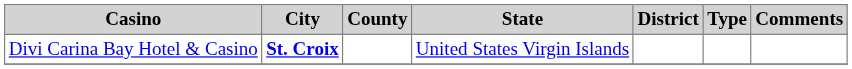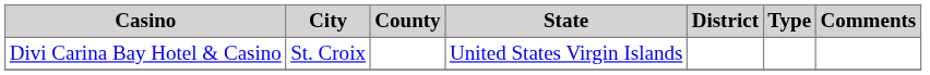 <table class="toccolours sortable" border="1" cellpadding="3" style="border-collapse:collapse">
 <tr bgcolor=lightgrey>
 <th>Casino</th>
 <th>City</th>
 <th>County</th>
 <th>State</th>
 <th>District</th>
 <th>Type</th>
 <th>Comments</th>
 </tr>
 <tr>
 <td><a href='#'>Divi Carina Bay Hotel & Casino</a></td>
-<td><strong><a href='#'>St. Croix</a></strong></td>
+<td><a href='#'>St. Croix</a></td>
 <td></td>
 <td><a href='#'>United States Virgin Islands</a></td>
 <td></td>
 <td></td>
 <td></td>
 </tr>
 <tr>
 </tr>
 </table>
